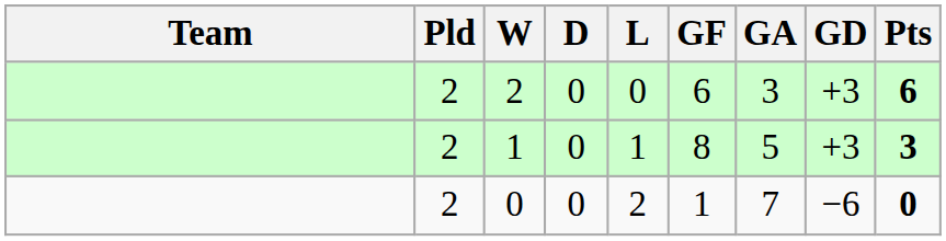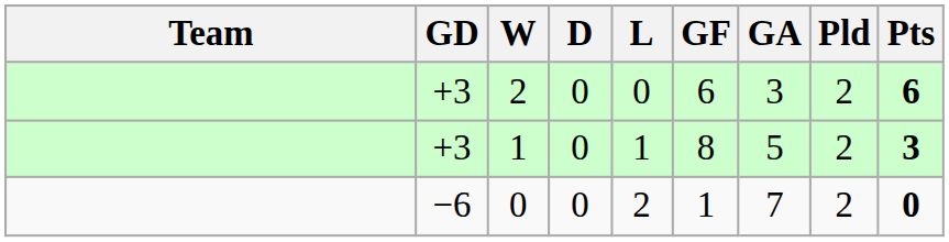 <table class="wikitable" style="text-align: center;">
 <tr>
 <th width="175">Team</th>
-<th width="20">Pld</th>
+<th width="20">GD</th>
 <th width="20">W</th>
 <th width="20">D</th>
 <th width="20">L</th>
 <th width="20">GF</th>
 <th width="20">GA</th>
-<th width="20">GD</th>
+<th width="20">Pld</th>
 <th width="20">Pts</th>
 </tr>
 <tr bgcolor="#ccffcc">
 <td align="left"></td>
-<td>2</td>
+<td>+3</td>
 <td>2</td>
 <td>0</td>
 <td>0</td>
 <td>6</td>
 <td>3</td>
-<td>+3</td>
+<td>2</td>
 <td><strong>6</strong></td>
 </tr>
 <tr bgcolor="#ccffcc">
 <td align="left"></td>
-<td>2</td>
+<td>+3</td>
 <td>1</td>
 <td>0</td>
 <td>1</td>
 <td>8</td>
 <td>5</td>
-<td>+3</td>
+<td>2</td>
 <td><strong>3</strong></td>
 </tr>
 <tr>
 <td align="left"></td>
-<td>2</td>
+<td>−6</td>
 <td>0</td>
 <td>0</td>
 <td>2</td>
 <td>1</td>
 <td>7</td>
-<td>−6</td>
+<td>2</td>
 <td><strong>0</strong></td>
 </tr>
 </table>
